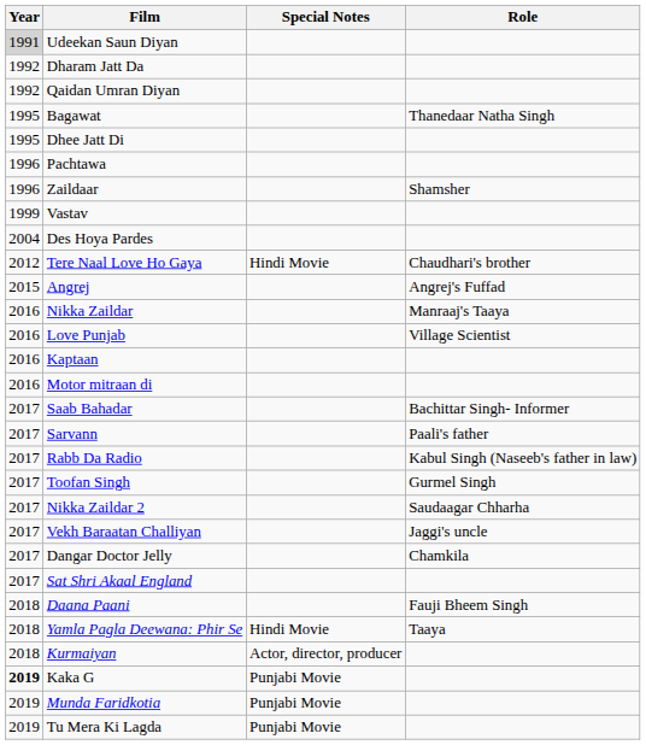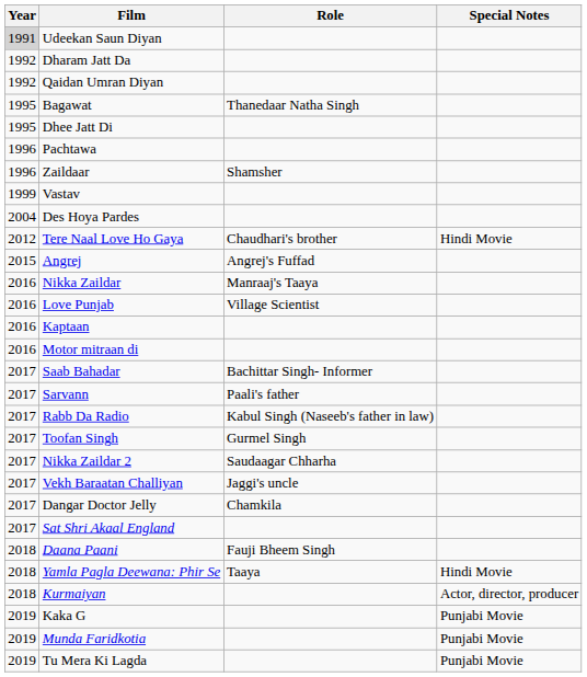 <table class="wikitable" style="align:centre;">
 <tr>
 <th>Year</th>
 <th>Film</th>
+<th>Role</th>
 <th>Special Notes</th>
-<th>Role</th>
 </tr>
 <tr>
 <td style="background: lightgrey;">1991</td>
 <td>Udeekan Saun Diyan</td>
 <td></td>
 <td></td>
 </tr>
 <tr>
 <td>1992</td>
 <td>Dharam Jatt Da</td>
 <td></td>
 <td></td>
 </tr>
 <tr>
 <td>1992</td>
 <td>Qaidan Umran Diyan</td>
 <td></td>
 <td></td>
 </tr>
 <tr>
 <td>1995</td>
 <td>Bagawat</td>
+<td>Thanedaar Natha Singh</td>
 <td></td>
-<td>Thanedaar Natha Singh</td>
 </tr>
 <tr>
 <td>1995</td>
 <td>Dhee Jatt Di</td>
 <td></td>
 <td></td>
 </tr>
 <tr>
 <td>1996</td>
 <td>Pachtawa</td>
 <td></td>
 <td></td>
 </tr>
 <tr>
 <td>1996</td>
 <td>Zaildaar</td>
+<td>Shamsher</td>
 <td></td>
-<td>Shamsher</td>
 </tr>
 <tr>
 <td>1999</td>
 <td>Vastav</td>
 <td></td>
 <td></td>
 </tr>
 <tr>
 <td>2004</td>
 <td>Des Hoya Pardes</td>
 <td></td>
 <td></td>
 </tr>
 <tr>
 <td>2012</td>
 <td><a href='#'>Tere Naal Love Ho Gaya</a></td>
+<td>Chaudhari's brother</td>
 <td>Hindi Movie</td>
-<td>Chaudhari's brother</td>
 </tr>
 <tr>
 <td>2015</td>
 <td><a href='#'>Angrej</a></td>
+<td>Angrej's Fuffad</td>
 <td></td>
-<td>Angrej's Fuffad</td>
 </tr>
 <tr>
 <td>2016</td>
 <td><a href='#'>Nikka Zaildar</a></td>
+<td>Manraaj's Taaya</td>
 <td></td>
-<td>Manraaj's Taaya</td>
 </tr>
 <tr>
 <td>2016</td>
 <td><a href='#'>Love Punjab</a></td>
+<td>Village Scientist</td>
 <td></td>
-<td>Village Scientist</td>
 </tr>
 <tr>
 <td>2016</td>
 <td><a href='#'>Kaptaan</a></td>
 <td></td>
 <td></td>
 </tr>
 <tr>
 <td>2016</td>
 <td><a href='#'>Motor mitraan di</a></td>
 <td></td>
 <td></td>
 </tr>
 <tr>
 <td>2017</td>
 <td><a href='#'>Saab Bahadar</a></td>
+<td>Bachittar Singh- Informer</td>
 <td></td>
-<td>Bachittar Singh- Informer</td>
 </tr>
 <tr>
 <td>2017</td>
 <td><a href='#'>Sarvann</a></td>
+<td>Paali's father</td>
 <td></td>
-<td>Paali's father</td>
 </tr>
 <tr>
 <td>2017</td>
 <td><a href='#'>Rabb Da Radio</a></td>
+<td>Kabul Singh (Naseeb's father in law)</td>
 <td></td>
-<td>Kabul Singh (Naseeb's father in law)</td>
 </tr>
 <tr>
 <td>2017</td>
 <td><a href='#'>Toofan Singh</a></td>
+<td>Gurmel Singh</td>
 <td></td>
-<td>Gurmel Singh</td>
 </tr>
 <tr>
 <td>2017</td>
 <td><a href='#'>Nikka Zaildar 2</a></td>
+<td>Saudaagar Chharha</td>
 <td></td>
-<td>Saudaagar Chharha</td>
 </tr>
 <tr>
 <td>2017</td>
 <td><a href='#'>Vekh Baraatan Challiyan</a></td>
+<td>Jaggi's uncle</td>
 <td></td>
-<td>Jaggi's uncle</td>
 </tr>
 <tr>
 <td>2017</td>
 <td>Dangar Doctor Jelly</td>
+<td>Chamkila</td>
 <td></td>
-<td>Chamkila</td>
 </tr>
 <tr>
 <td>2017</td>
 <td><em><a href='#'>Sat Shri Akaal England</a></em></td>
 <td></td>
 <td></td>
 </tr>
 <tr>
 <td>2018</td>
 <td><em><a href='#'>Daana Paani</a></em></td>
+<td>Fauji Bheem Singh</td>
 <td></td>
-<td>Fauji Bheem Singh</td>
 </tr>
 <tr>
 <td>2018</td>
 <td><em><a href='#'>Yamla Pagla Deewana: Phir Se</a></em></td>
+<td>Taaya</td>
 <td>Hindi Movie</td>
-<td>Taaya</td>
 </tr>
 <tr>
 <td>2018</td>
 <td><em><a href='#'>Kurmaiyan</a></em></td>
+<td></td>
 <td>Actor, director, producer</td>
-<td></td>
 </tr>
 <tr>
-<td><strong>2019</strong></td>
+<td>2019</td>
 <td>Kaka G</td>
+<td></td>
 <td>Punjabi Movie</td>
-<td></td>
 </tr>
 <tr>
 <td>2019</td>
 <td><em><a href='#'>Munda Faridkotia</a></em></td>
+<td></td>
 <td>Punjabi Movie</td>
-<td></td>
 </tr>
 <tr>
 <td>2019</td>
 <td>Tu Mera Ki Lagda</td>
+<td></td>
 <td>Punjabi Movie</td>
-<td></td>
 </tr>
 </table>
